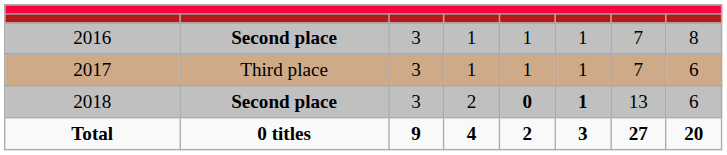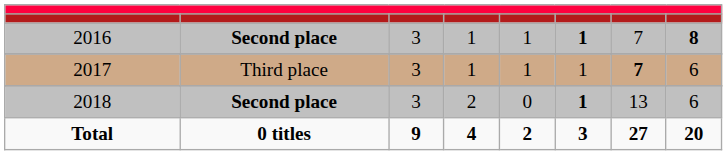 <table class="wikitable" style="text-align: center;font-size:90%;">
 <tr>
 <th style="background:#FF003F;" colspan=11></th>
 </tr>
 <tr>
 <th style="background:#B31B1B;" width=125></th>
 <th style="background:#B31B1B;" width=150></th>
 <th style="background:#B31B1B;" width=35></th>
 <th style="background:#B31B1B;" width=35></th>
 <th style="background:#B31B1B;" width=35></th>
 <th style="background:#B31B1B;" width=35></th>
 <th style="background:#B31B1B;" width=35></th>
 <th style="background:#B31B1B;" width=35></th>
 </tr>
 <tr bgcolor=silver>
 <td>2016</td>
 <td><strong>Second place</strong></td>
 <td>3</td>
 <td>1</td>
 <td>1</td>
-<td>1</td>
+<td><strong>1</strong></td>
 <td>7</td>
-<td>8</td>
+<td><strong>8</strong></td>
 </tr>
 <tr>
 </tr>
 <tr bgcolor=#CFAA88>
 <td>2017</td>
 <td>Third place</td>
 <td>3</td>
 <td>1</td>
 <td>1</td>
 <td>1</td>
-<td>7</td>
+<td><strong>7</strong></td>
 <td>6</td>
 </tr>
 <tr>
 </tr>
 <tr bgcolor=silver>
 <td>2018</td>
 <td><strong>Second place</strong></td>
 <td>3</td>
 <td>2</td>
-<td><strong>0</strong></td>
+<td>0</td>
 <td><strong>1</strong></td>
 <td>13</td>
 <td>6</td>
 </tr>
 <tr>
 <td><strong>Total</strong></td>
 <td><strong>0 titles</strong></td>
 <td><strong>9</strong></td>
 <td><strong>4</strong></td>
 <td><strong>2</strong></td>
 <td><strong>3</strong></td>
 <td><strong>27</strong></td>
 <td><strong>20</strong></td>
 </tr>
 </table>
